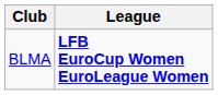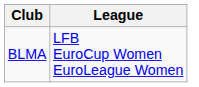 <table class="wikitable">
 <tr>
 <th>Club</th>
 <th>League</th>
 </tr>
 <tr>
 <td><a href='#'>BLMA</a></td>
-<td><strong><a href='#'>LFB</a><br><a href='#'>EuroCup Women</a><br><a href='#'>EuroLeague Women</a></strong></td>
+<td><a href='#'>LFB</a><br><a href='#'>EuroCup Women</a><br><a href='#'>EuroLeague Women</a></td>
 </tr>
 </table>
